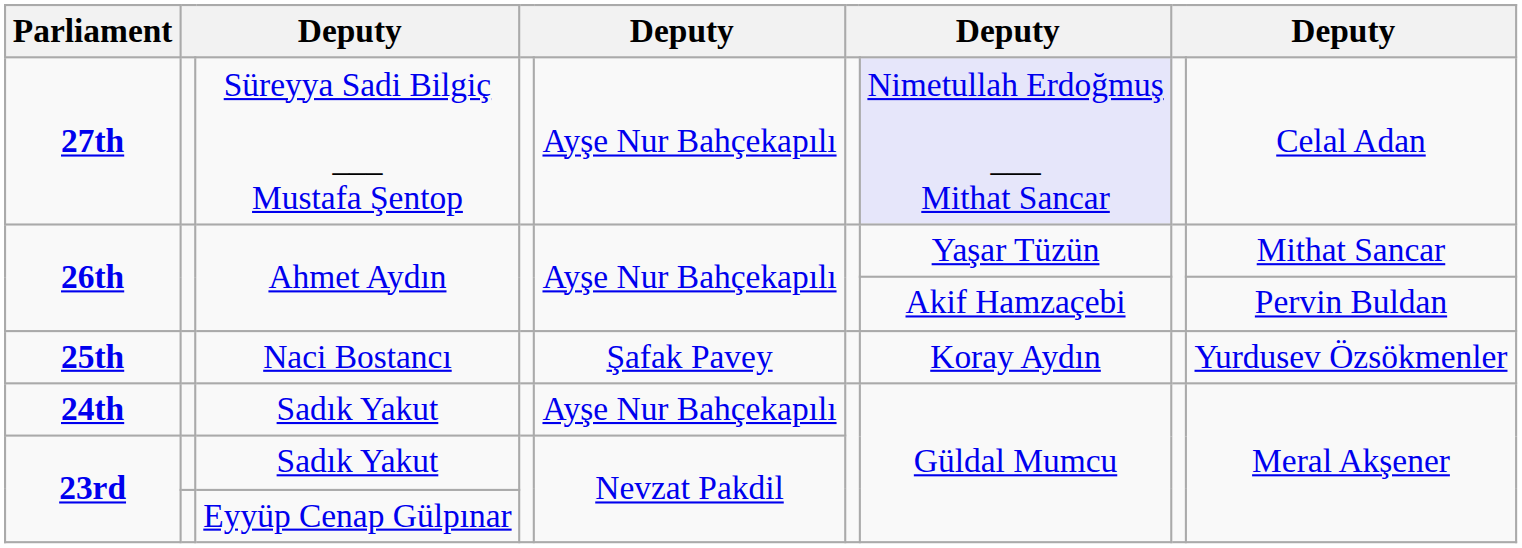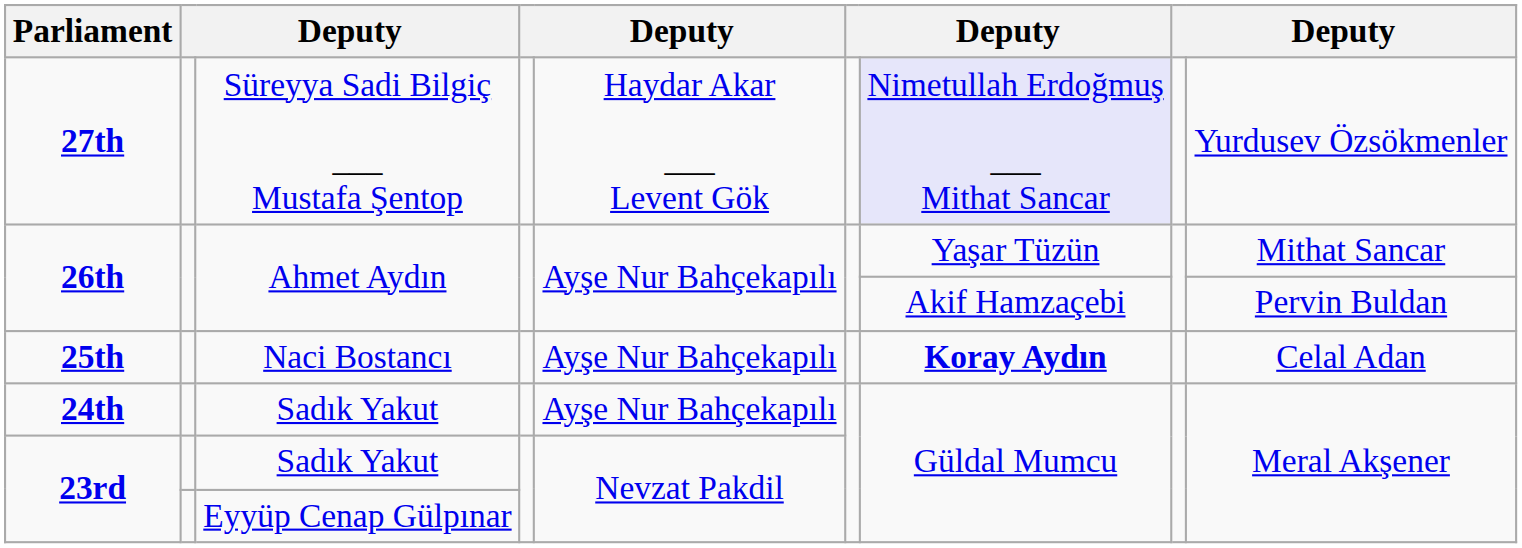 <table class="wikitable" style="text-align: center;">
 <tr>
 <th>Parliament<br></th>
 <th colspan="2">Deputy</th>
 <th colspan="2">Deputy</th>
 <th colspan="2">Deputy</th>
 <th colspan="2">Deputy</th>
 </tr>
 <tr>
 <td><a href='#'><strong>27th</strong></a><br></td>
 <td></td>
 <td><a href='#'>Süreyya Sadi Bilgiç</a><br><br>___<br><a href='#'>Mustafa Şentop</a> </td>
 <td></td>
-<td><a href='#'>Ayşe Nur Bahçekapılı</a><br></td>
+<td><a href='#'>Haydar Akar</a><br><br>___<br><a href='#'>Levent Gök</a> </td>
 <td></td>
 <td style="background: lavender;"><a href='#'>Nimetullah Erdoğmuş</a><br><br>___<br><a href='#'>Mithat Sancar</a> </td>
 <td></td>
-<td><a href='#'>Celal Adan</a><br></td>
+<td><a href='#'>Yurdusev Özsökmenler</a><br></td>
 </tr>
 <tr>
 <td rowspan=2><strong><a href='#'>26th</a></strong><br></td>
 <td rowspan=2 style="background: "></td>
 <td rowspan=2><a href='#'>Ahmet Aydın</a><br></td>
 <td rowspan=2 style="background: "></td>
 <td rowspan=2><a href='#'>Ayşe Nur Bahçekapılı</a><br></td>
 <td rowspan=2 style="background: "></td>
 <td><a href='#'>Yaşar Tüzün</a><br></td>
 <td rowspan=2 style="background: "></td>
 <td><a href='#'>Mithat Sancar</a><br></td>
 </tr>
 <tr>
 <td><a href='#'>Akif Hamzaçebi</a><br></td>
 <td><a href='#'>Pervin Buldan</a><br></td>
 </tr>
 <tr>
 <td><strong><a href='#'>25th</a></strong><br></td>
 <td style="background: "></td>
 <td><a href='#'>Naci Bostancı</a><br></td>
 <td style="background: "></td>
-<td><a href='#'>Şafak Pavey</a><br></td>
+<td><a href='#'>Ayşe Nur Bahçekapılı</a><br></td>
 <td style="background: "></td>
-<td><a href='#'>Koray Aydın</a><br></td>
+<td><strong><a href='#'>Koray Aydın</a><br></strong></td>
 <td style="background: "></td>
-<td><a href='#'>Yurdusev Özsökmenler</a><br></td>
+<td><a href='#'>Celal Adan</a><br></td>
 </tr>
 <tr>
 <td><strong><a href='#'>24th</a></strong><br></td>
 <td style="background: "></td>
 <td><a href='#'>Sadık Yakut</a><br></td>
 <td style="background: "></td>
 <td><a href='#'>Ayşe Nur Bahçekapılı</a><br></td>
 <td rowspan="3" style="background: "></td>
 <td rowspan="3"><a href='#'>Güldal Mumcu</a><br></td>
 <td rowspan="3" style="background: "></td>
 <td rowspan="3"><a href='#'>Meral Akşener</a><br></td>
 </tr>
 <tr>
 <td rowspan="2"><strong><a href='#'>23rd</a></strong><br></td>
 <td style="background: "></td>
 <td><a href='#'>Sadık Yakut</a><br></td>
 <td rowspan="2" style="background: "></td>
 <td rowspan="2"><a href='#'>Nevzat Pakdil</a><br></td>
 </tr>
 <tr>
 <td style="background: "></td>
 <td><a href='#'>Eyyüp Cenap Gülpınar</a><br></td>
 </tr>
 </table>
